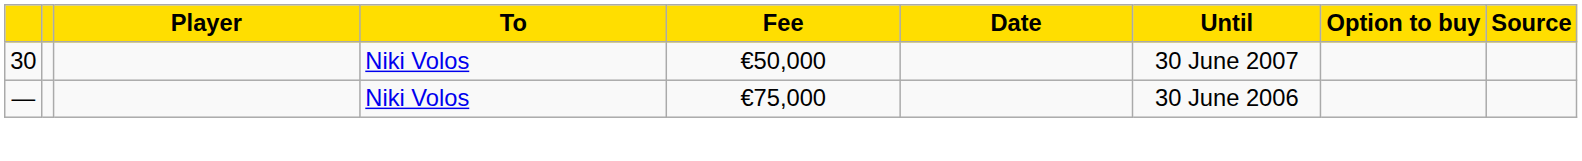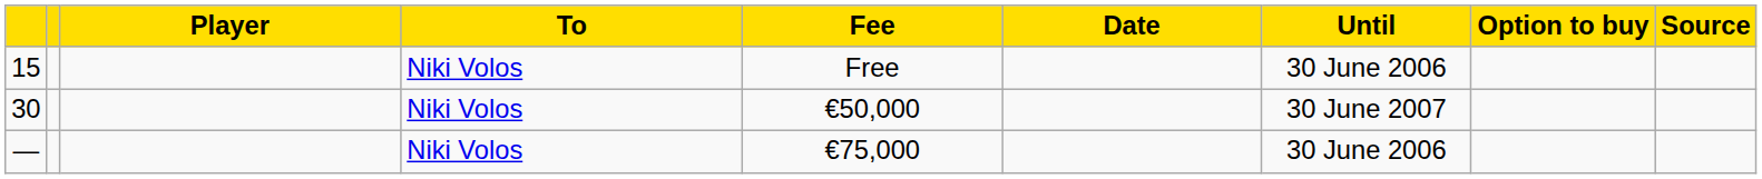 <table class="wikitable sortable">
 <tr>
 <th style="background:#FFDE00"></th>
 <th style="background:#FFDE00"></th>
 <th width=200 style="background:#FFDE00">Player</th>
 <th width=200 style="background:#FFDE00">To</th>
 <th width=150 style="background:#FFDE00">Fee</th>
 <th width=150 style="background:#FFDE00">Date</th>
 <th width=120 style="background:#FFDE00">Until</th>
 <th style="background:#FFDE00">Option to buy</th>
 <th style="background:#FFDE00">Source</th>
+</tr>
+<tr>
+<td align=center>15</td>
+<td align=center></td>
+<td></td>
+<td> <a href='#'>Niki Volos</a></td>
+<td align=center>Free</td>
+<td align=center></td>
+<td align=center>30 June 2006</td>
+<td align=center></td>
+<td align=center></td>
 </tr>
 <tr>
 <td align=center>30</td>
 <td align=center></td>
 <td></td>
 <td> <a href='#'>Niki Volos</a></td>
 <td align=center>€50,000</td>
 <td align=center></td>
 <td align=center>30 June 2007</td>
 <td align=center></td>
 <td align=center></td>
 </tr>
 <tr>
 <td align=center>—</td>
 <td align=center></td>
 <td></td>
 <td> <a href='#'>Niki Volos</a></td>
 <td align=center>€75,000</td>
 <td align=center></td>
 <td align=center>30 June 2006</td>
 <td align=center></td>
 <td align=center></td>
 </tr>
 </table>
